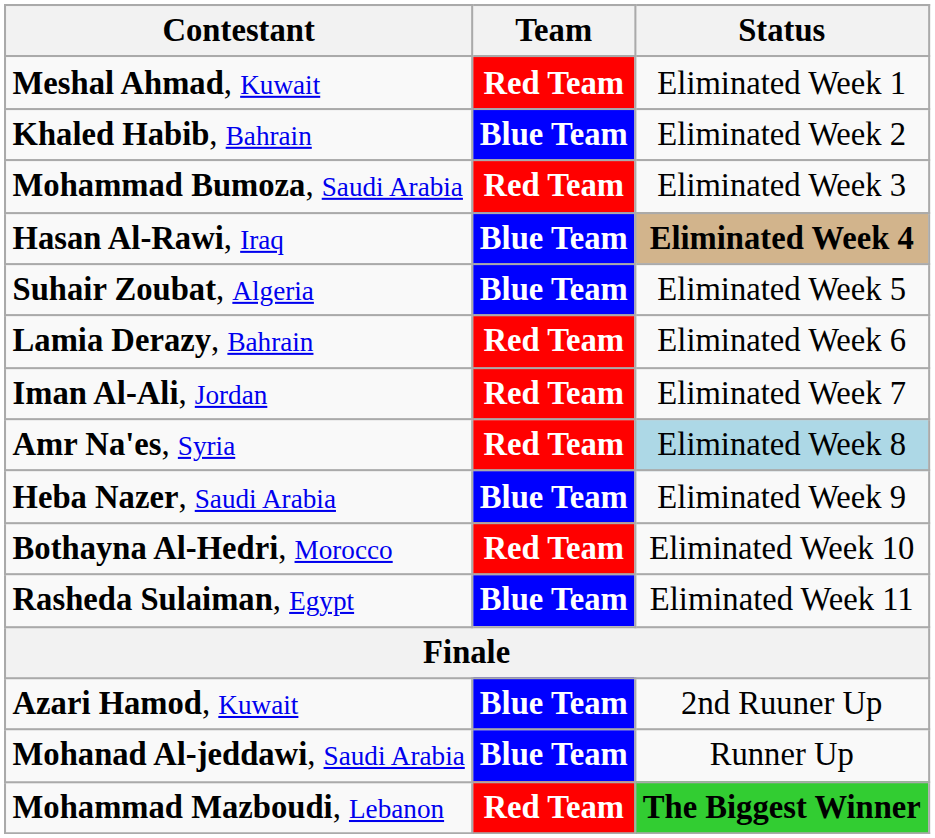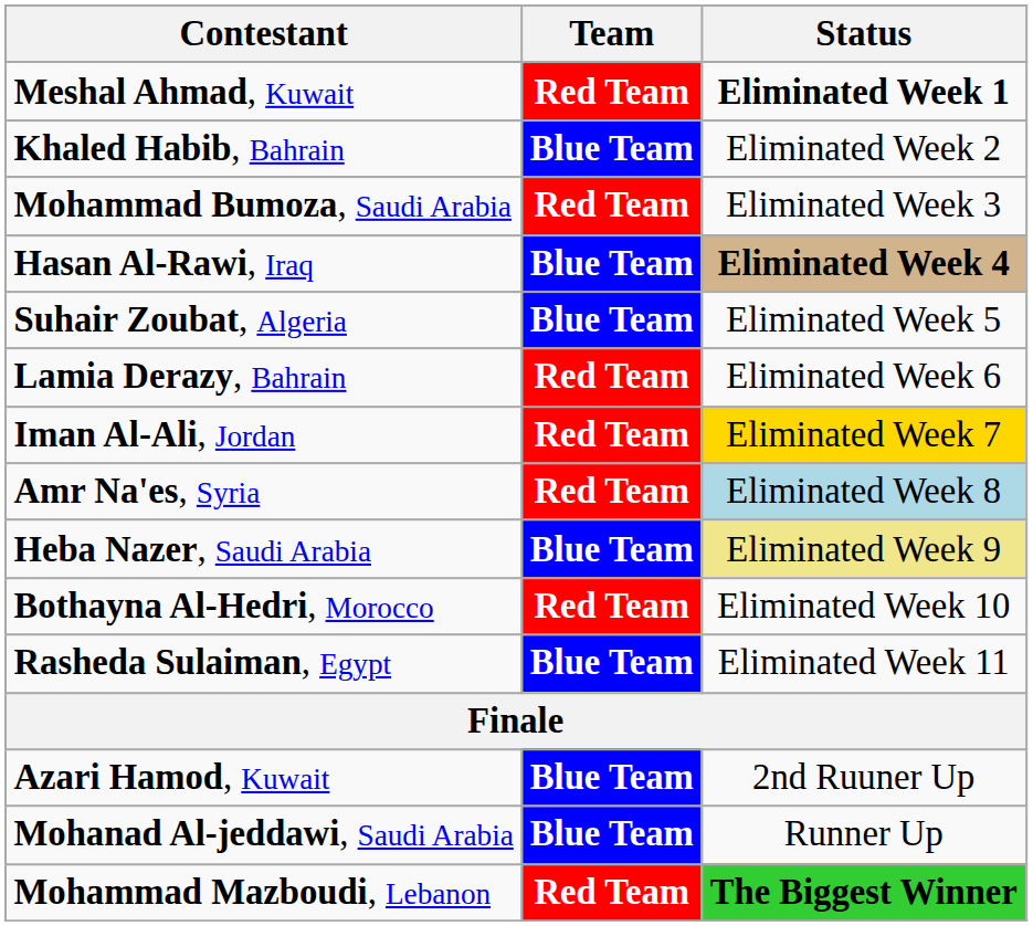 <table class="wikitable" align="center" style="text-align:center">
 <tr>
 <th>Contestant</th>
 <th>Team</th>
 <th>Status</th>
 </tr>
 <tr>
 <td align="left"><strong>Meshal Ahmad</strong>, <small><a href='#'>Kuwait</a></small></td>
 <td style="background:red;color:white;"><strong>Red Team</strong></td>
-<td>Eliminated Week 1</td>
+<td><strong>Eliminated Week 1</strong></td>
 </tr>
 <tr>
 <td align="left"><strong>Khaled Habib</strong>, <small><a href='#'>Bahrain</a></small></td>
 <td style="background:blue;color:white;"><strong>Blue Team</strong></td>
 <td>Eliminated Week 2</td>
 </tr>
 <tr>
 <td align="left"><strong>Mohammad Bumoza</strong>, <small><a href='#'>Saudi Arabia</a></small></td>
 <td style="background:red;color:white;"><strong>Red Team</strong></td>
 <td>Eliminated Week 3</td>
 </tr>
 <tr>
 <td align="left"><strong>Hasan Al-Rawi</strong>, <small><a href='#'>Iraq</a></small></td>
 <td style="background:blue;color:white;"><strong>Blue Team</strong></td>
 <td style="background:tan;"><strong>Eliminated Week 4</strong></td>
 </tr>
 <tr>
 <td align="left"><strong>Suhair Zoubat</strong>, <small><a href='#'>Algeria</a></small></td>
 <td style="background:blue;color:white;"><strong>Blue Team</strong></td>
 <td>Eliminated Week 5</td>
 </tr>
 <tr>
 <td align="left"><strong>Lamia Derazy</strong>, <small><a href='#'>Bahrain</a></small></td>
 <td style="background:red;color:white;"><strong>Red Team</strong></td>
 <td>Eliminated Week 6</td>
 </tr>
 <tr>
 <td align="left"><strong>Iman Al-Ali</strong>, <small><a href='#'>Jordan</a></small></td>
 <td style="background:red;color:white;"><strong>Red Team</strong></td>
-<td>Eliminated Week 7</td>
+<td style="background: gold;">Eliminated Week 7</td>
 </tr>
 <tr>
 <td align="left"><strong>Amr Na'es</strong>, <small><a href='#'>Syria</a></small></td>
 <td style="background:red;color:white;"><strong>Red Team</strong></td>
 <td style="background: lightblue;">Eliminated Week 8</td>
 </tr>
 <tr>
 <td align="left"><strong>Heba Nazer</strong>, <small><a href='#'>Saudi Arabia</a></small></td>
 <td style="background:blue;color:white;"><strong>Blue Team</strong></td>
-<td>Eliminated Week 9</td>
+<td style="background: khaki;">Eliminated Week 9</td>
 </tr>
 <tr>
 <td align="left"><strong>Bothayna Al-Hedri</strong>, <small><a href='#'>Morocco</a></small></td>
 <td style="background:red;color:white;"><strong>Red Team</strong></td>
 <td>Eliminated Week 10</td>
 </tr>
 <tr>
 <td align="left"><strong>Rasheda Sulaiman</strong>, <small><a href='#'>Egypt</a></small></td>
 <td style="background:blue;color:white;"><strong>Blue Team</strong></td>
 <td>Eliminated Week 11</td>
 </tr>
 <tr>
 <th colspan=3>Finale</th>
 </tr>
 <tr>
 <td align="left"><strong>Azari Hamod</strong>, <small><a href='#'>Kuwait</a></small></td>
 <td style="background:blue;color:white;"><strong>Blue Team</strong></td>
 <td>2nd Ruuner Up</td>
 </tr>
 <tr>
 <td align="left"><strong>Mohanad Al-jeddawi</strong>, <small><a href='#'>Saudi Arabia</a></small></td>
 <td style="background:blue;color:white;"><strong>Blue Team</strong></td>
 <td>Runner Up</td>
 </tr>
 <tr>
 <td align="left"><strong>Mohammad Mazboudi</strong>, <small><a href='#'>Lebanon</a></small></td>
 <td style="background:red;color:white;"><strong>Red Team</strong></td>
 <td style="background:limegreen;"><strong>The Biggest Winner</strong></td>
 </tr>
 </table>
